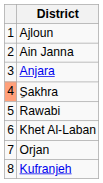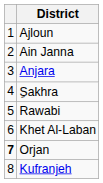 <table class="wikitable">
 <tr>
 <th></th>
 <th>District</th>
 </tr>
 <tr>
 <td>1</td>
 <td>Ajloun</td>
 </tr>
 <tr>
 <td>2</td>
 <td>Ain Janna</td>
 </tr>
 <tr>
 <td>3</td>
 <td><a href='#'>Anjara</a></td>
 </tr>
 <tr>
-<td style="background: lightsalmon;">4</td>
+<td>4</td>
 <td>ِSakhra</td>
 </tr>
 <tr>
 <td>5</td>
 <td>Rawabi</td>
 </tr>
 <tr>
 <td>6</td>
 <td>Khet Al-Laban</td>
 </tr>
 <tr>
-<td>7</td>
+<td><strong>7</strong></td>
 <td>Orjan</td>
 </tr>
 <tr>
 <td>8</td>
 <td><a href='#'>Kufranjeh</a></td>
 </tr>
 </table>
